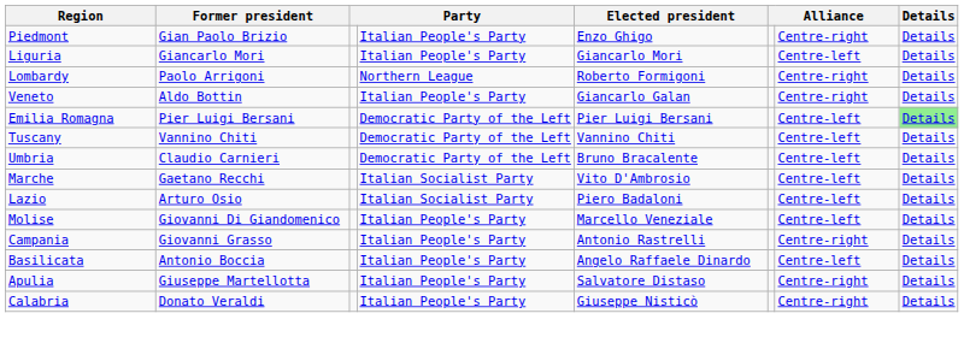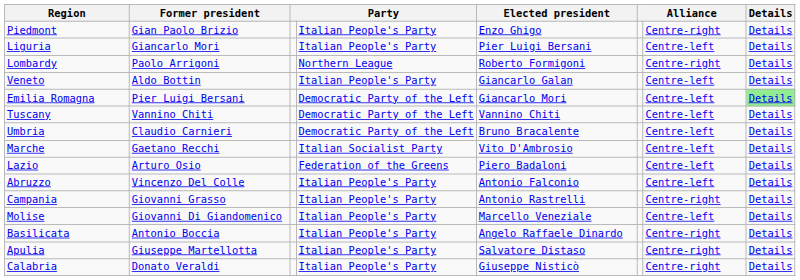 <table class="wikitable" style="valign:top;">
 <tr>
 <th style="width:150px;">Region</th>
 <th style="width:195px;">Former president</th>
 <th colspan=2 style="width:130px;">Party</th>
 <th style="width:195px;">Elected president</th>
 <th colspan=2 style="width:130px;">Alliance</th>
 <th>Details</th>
 </tr>
 <tr>
 <td><a href='#'>Piedmont</a></td>
 <td><a href='#'>Gian Paolo Brizio</a></td>
 <td width="1"></td>
 <td align="left"><a href='#'>Italian People's Party</a></td>
 <td><a href='#'>Enzo Ghigo</a></td>
 <td width="1"></td>
 <td align="left"><a href='#'>Centre-right</a></td>
 <td><a href='#'>Details</a></td>
 </tr>
 <tr>
 <td><a href='#'>Liguria</a></td>
 <td><a href='#'>Giancarlo Mori</a></td>
 <td width="1"></td>
 <td align="left"><a href='#'>Italian People's Party</a></td>
-<td><a href='#'>Giancarlo Mori</a></td>
+<td><a href='#'>Pier Luigi Bersani</a></td>
 <td width="1"></td>
 <td align="left"><a href='#'>Centre-left</a></td>
 <td><a href='#'>Details</a></td>
 </tr>
 <tr>
 <td><a href='#'>Lombardy</a></td>
 <td><a href='#'>Paolo Arrigoni</a></td>
 <td width="1"></td>
 <td align="left"><a href='#'>Northern League</a></td>
 <td><a href='#'>Roberto Formigoni</a></td>
 <td width="1"></td>
 <td align="left"><a href='#'>Centre-right</a></td>
 <td><a href='#'>Details</a></td>
 </tr>
 <tr>
 <td><a href='#'>Veneto</a></td>
 <td><a href='#'>Aldo Bottin</a></td>
 <td width="1"></td>
 <td align="left"><a href='#'>Italian People's Party</a></td>
 <td><a href='#'>Giancarlo Galan</a></td>
 <td width="1"></td>
-<td align="left"><a href='#'>Centre-right</a></td>
+<td align="left"><a href='#'>Centre-left</a></td>
 <td><a href='#'>Details</a></td>
 </tr>
 <tr>
 <td><a href='#'>Emilia Romagna</a></td>
 <td><a href='#'>Pier Luigi Bersani</a></td>
 <td width="1"></td>
 <td align="left"><a href='#'>Democratic Party of the Left</a></td>
-<td><a href='#'>Pier Luigi Bersani</a></td>
+<td><a href='#'>Giancarlo Mori</a></td>
 <td width="1"></td>
 <td align="left"><a href='#'>Centre-left</a></td>
 <td style="background: lightgreen;"><a href='#'>Details</a></td>
 </tr>
 <tr>
 <td><a href='#'>Tuscany</a></td>
 <td><a href='#'>Vannino Chiti</a></td>
 <td width="1"></td>
 <td align="left"><a href='#'>Democratic Party of the Left</a></td>
 <td><a href='#'>Vannino Chiti</a></td>
 <td width="1"></td>
 <td align="left"><a href='#'>Centre-left</a></td>
 <td><a href='#'>Details</a></td>
 </tr>
 <tr>
 <td><a href='#'>Umbria</a></td>
 <td><a href='#'>Claudio Carnieri</a></td>
 <td width="1"></td>
 <td align="left"><a href='#'>Democratic Party of the Left</a></td>
 <td><a href='#'>Bruno Bracalente</a></td>
 <td width="1"></td>
 <td align="left"><a href='#'>Centre-left</a></td>
 <td><a href='#'>Details</a></td>
 </tr>
 <tr>
 <td><a href='#'>Marche</a></td>
 <td><a href='#'>Gaetano Recchi</a></td>
 <td width="1"></td>
 <td align="left"><a href='#'>Italian Socialist Party</a></td>
 <td><a href='#'>Vito D'Ambrosio</a></td>
 <td width="1"></td>
 <td align="left"><a href='#'>Centre-left</a></td>
 <td><a href='#'>Details</a></td>
 </tr>
 <tr>
 <td><a href='#'>Lazio</a></td>
 <td><a href='#'>Arturo Osio</a></td>
 <td width="1"></td>
-<td align="left"><a href='#'>Italian Socialist Party</a></td>
+<td align="left"><a href='#'>Federation of the Greens</a></td>
 <td><a href='#'>Piero Badaloni</a></td>
 <td width="1"></td>
 <td align="left"><a href='#'>Centre-left</a></td>
 <td><a href='#'>Details</a></td>
 </tr>
 <tr>
-<td><a href='#'>Molise</a></td>
-<td><a href='#'>Giovanni Di Giandomenico</a></td>
+<td><a href='#'>Abruzzo</a></td>
+<td><a href='#'>Vincenzo Del Colle</a></td>
 <td width="1"></td>
 <td align="left"><a href='#'>Italian People's Party</a></td>
-<td><a href='#'>Marcello Veneziale</a></td>
+<td><a href='#'>Antonio Falconio</a></td>
 <td width="1"></td>
 <td align="left"><a href='#'>Centre-left</a></td>
 <td><a href='#'>Details</a></td>
 </tr>
 <tr>
 <td><a href='#'>Campania</a></td>
 <td><a href='#'>Giovanni Grasso</a></td>
 <td width="1"></td>
 <td align="left"><a href='#'>Italian People's Party</a></td>
 <td><a href='#'>Antonio Rastrelli</a></td>
 <td width="1"></td>
 <td align="left"><a href='#'>Centre-right</a></td>
 <td><a href='#'>Details</a></td>
 </tr>
 <tr>
+<td><a href='#'>Molise</a></td>
+<td><a href='#'>Giovanni Di Giandomenico</a></td>
+<td width="1"></td>
+<td align="left"><a href='#'>Italian People's Party</a></td>
+<td><a href='#'>Marcello Veneziale</a></td>
+<td width="1"></td>
+<td align="left"><a href='#'>Centre-left</a></td>
+<td><a href='#'>Details</a></td>
+</tr>
+<tr>
 <td><a href='#'>Basilicata</a></td>
 <td><a href='#'>Antonio Boccia</a></td>
 <td width="1"></td>
 <td align="left"><a href='#'>Italian People's Party</a></td>
 <td><a href='#'>Angelo Raffaele Dinardo</a></td>
 <td width="1"></td>
-<td align="left"><a href='#'>Centre-left</a></td>
+<td align="left"><a href='#'>Centre-right</a></td>
 <td><a href='#'>Details</a></td>
 </tr>
 <tr>
 <td><a href='#'>Apulia</a></td>
 <td><a href='#'>Giuseppe Martellotta</a></td>
 <td width="1"></td>
 <td align="left"><a href='#'>Italian People's Party</a></td>
 <td><a href='#'>Salvatore Distaso</a></td>
 <td width="1"></td>
 <td align="left"><a href='#'>Centre-right</a></td>
 <td><a href='#'>Details</a></td>
 </tr>
 <tr>
 <td><a href='#'>Calabria</a></td>
 <td><a href='#'>Donato Veraldi</a></td>
 <td width="1"></td>
 <td align="left"><a href='#'>Italian People's Party</a></td>
 <td><a href='#'>Giuseppe Nisticò</a></td>
 <td width="1"></td>
 <td align="left"><a href='#'>Centre-right</a></td>
 <td><a href='#'>Details</a></td>
 </tr>
 </table>
